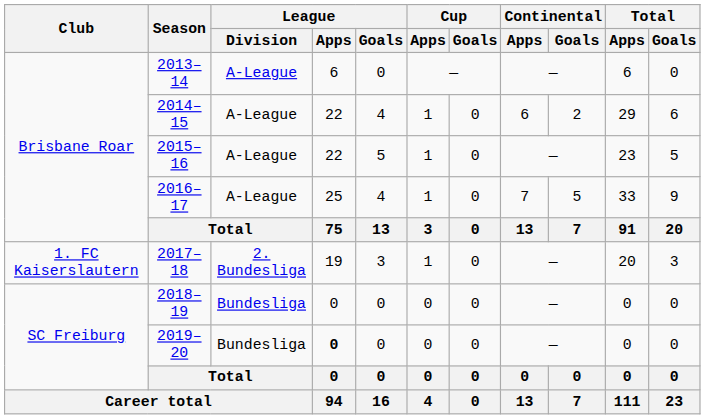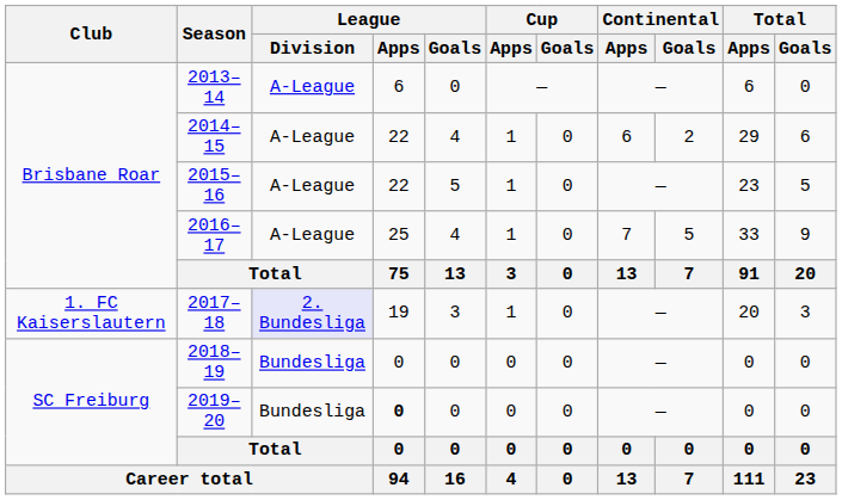 <table class="wikitable" style="text-align:center">
 <tr>
 <th rowspan="2">Club</th>
 <th rowspan="2">Season</th>
 <th colspan="3">League</th>
 <th colspan="2">Cup</th>
 <th colspan="2">Continental</th>
 <th colspan="2">Total</th>
 </tr>
 <tr>
 <th>Division</th>
 <th>Apps</th>
 <th>Goals</th>
 <th>Apps</th>
 <th>Goals</th>
 <th>Apps</th>
 <th>Goals</th>
 <th>Apps</th>
 <th>Goals</th>
 </tr>
 <tr>
 <td rowspan="5"><a href='#'>Brisbane Roar</a></td>
 <td><a href='#'>2013–14</a></td>
 <td><a href='#'>A-League</a></td>
 <td>6</td>
 <td>0</td>
 <td colspan="2">—</td>
 <td colspan="2">—</td>
 <td>6</td>
 <td>0</td>
 </tr>
 <tr>
 <td><a href='#'>2014–15</a></td>
 <td>A-League</td>
 <td>22</td>
 <td>4</td>
 <td>1</td>
 <td>0</td>
 <td>6</td>
 <td>2</td>
 <td>29</td>
 <td>6</td>
 </tr>
 <tr>
 <td><a href='#'>2015–16</a></td>
 <td>A-League</td>
 <td>22</td>
 <td>5</td>
 <td>1</td>
 <td>0</td>
 <td colspan="2">—</td>
 <td>23</td>
 <td>5</td>
 </tr>
 <tr>
 <td><a href='#'>2016–17</a></td>
 <td>A-League</td>
 <td>25</td>
 <td>4</td>
 <td>1</td>
 <td>0</td>
 <td>7</td>
 <td>5</td>
 <td>33</td>
 <td>9</td>
 </tr>
 <tr>
 <th colspan="2">Total</th>
 <th>75</th>
 <th>13</th>
 <th>3</th>
 <th>0</th>
 <th>13</th>
 <th>7</th>
 <th>91</th>
 <th>20</th>
 </tr>
 <tr>
 <td><a href='#'>1. FC Kaiserslautern</a></td>
 <td><a href='#'>2017–18</a></td>
-<td><a href='#'>2. Bundesliga</a></td>
+<td style="background: lavender;"><a href='#'>2. Bundesliga</a></td>
 <td>19</td>
 <td>3</td>
 <td>1</td>
 <td>0</td>
 <td colspan="2">—</td>
 <td>20</td>
 <td>3</td>
 </tr>
 <tr>
 <td rowspan="3"><a href='#'>SC Freiburg</a></td>
 <td><a href='#'>2018–19</a></td>
 <td><a href='#'>Bundesliga</a></td>
 <td>0</td>
 <td>0</td>
 <td>0</td>
 <td>0</td>
 <td colspan="2">—</td>
 <td>0</td>
 <td>0</td>
 </tr>
 <tr>
 <td><a href='#'>2019–20</a></td>
 <td>Bundesliga</td>
 <td><strong>0</strong></td>
 <td>0</td>
 <td>0</td>
 <td>0</td>
 <td colspan="2">—</td>
 <td>0</td>
 <td>0</td>
 </tr>
 <tr>
 <th colspan="2">Total</th>
 <th>0</th>
 <th>0</th>
 <th>0</th>
 <th>0</th>
 <th>0</th>
 <th>0</th>
 <th>0</th>
 <th>0</th>
 </tr>
 <tr>
 <th colspan="3">Career total</th>
 <th>94</th>
 <th>16</th>
 <th>4</th>
 <th>0</th>
 <th>13</th>
 <th>7</th>
 <th>111</th>
 <th>23</th>
 </tr>
 </table>
